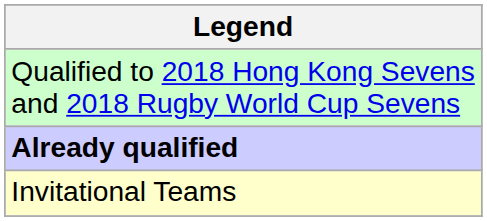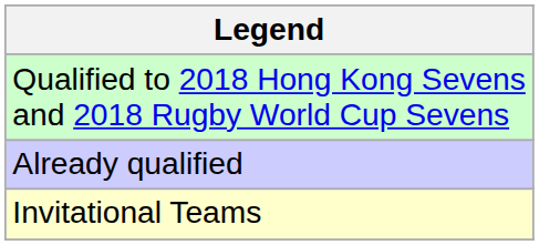 <table class="wikitable">
 <tr>
 <th>Legend</th>
 </tr>
 <tr bgcolor=ccffcc>
 <td>Qualified to <a href='#'>2018 Hong Kong Sevens</a><br>and <a href='#'>2018 Rugby World Cup Sevens</a></td>
 </tr>
 <tr bgcolor=ccccff>
-<td><strong>Already qualified</strong></td>
+<td>Already qualified</td>
 </tr>
 <tr bgcolor=ffffcc>
 <td>Invitational Teams</td>
 </tr>
 </table>
